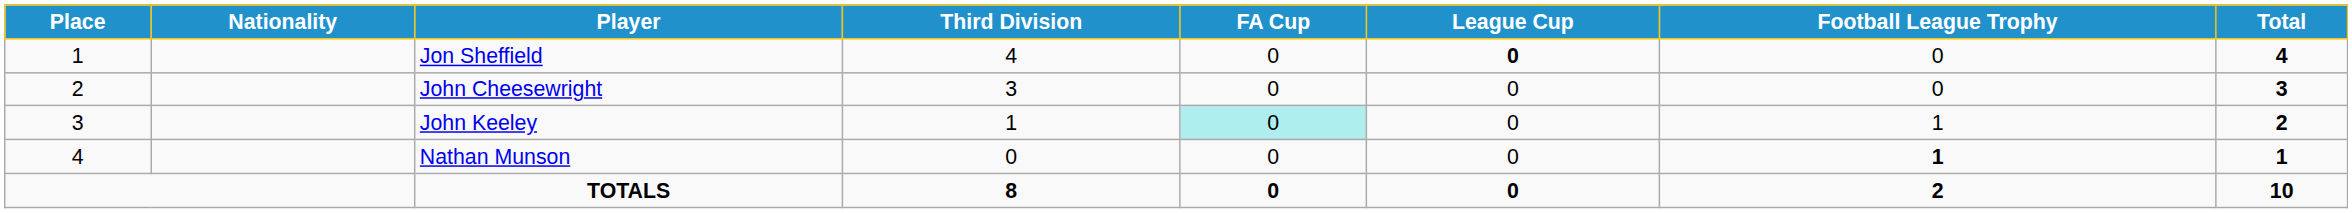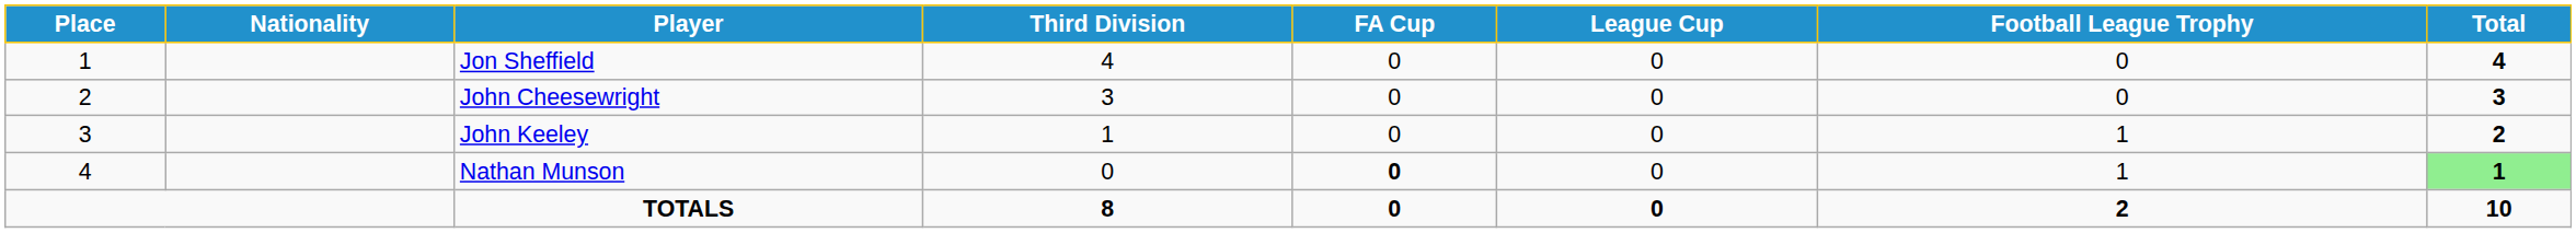 <table class="wikitable" style="text-align:center; font-size:90%; width:100%;">
 <tr>
 <th style="background:#2191CC; color:white; border:1px solid #F7C408; text-align:center;">Place</th>
 <th style="background:#2191CC; color:white; border:1px solid #F7C408; text-align:center;">Nationality</th>
 <th style="background:#2191CC; color:white; border:1px solid #F7C408; text-align:center;">Player</th>
 <th style="background:#2191CC; color:white; border:1px solid #F7C408; text-align:center;">Third Division</th>
 <th style="background:#2191CC; color:white; border:1px solid #F7C408; text-align:center;">FA Cup</th>
 <th style="background:#2191CC; color:white; border:1px solid #F7C408; text-align:center;">League Cup</th>
 <th style="background:#2191CC; color:white; border:1px solid #F7C408; text-align:center;">Football League Trophy</th>
 <th style="background:#2191CC; color:white; border:1px solid #F7C408; text-align:center;">Total</th>
 </tr>
 <tr>
 <td>1</td>
 <td></td>
 <td align="left"><a href='#'>Jon Sheffield</a></td>
 <td>4</td>
 <td>0</td>
-<td><strong>0</strong></td>
+<td>0</td>
 <td>0</td>
 <td><strong>4</strong></td>
 </tr>
 <tr>
 <td>2</td>
 <td></td>
 <td align="left"><a href='#'>John Cheesewright</a></td>
 <td>3</td>
 <td>0</td>
 <td>0</td>
 <td>0</td>
 <td><strong>3</strong></td>
 </tr>
 <tr>
 <td>3</td>
 <td></td>
 <td align="left"><a href='#'>John Keeley</a></td>
 <td>1</td>
-<td style="background: paleturquoise;">0</td>
+<td>0</td>
 <td>0</td>
 <td>1</td>
 <td><strong>2</strong></td>
 </tr>
 <tr>
 <td>4</td>
 <td></td>
 <td align="left"><a href='#'>Nathan Munson</a></td>
 <td>0</td>
+<td><strong>0</strong></td>
 <td>0</td>
-<td>0</td>
-<td><strong>1</strong></td>
-<td><strong>1</strong></td>
+<td>1</td>
+<td style="background: lightgreen;"><strong>1</strong></td>
 </tr>
 <tr>
 <td colspan="2"></td>
 <td><strong>TOTALS</strong></td>
 <td><strong>8</strong></td>
 <td><strong>0</strong></td>
 <td><strong>0</strong></td>
 <td><strong>2</strong></td>
 <td><strong>10</strong></td>
 </tr>
 </table>
